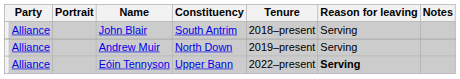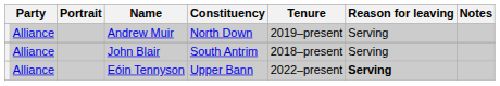 <table class="wikitable sortable">
 <tr>
 <th colspan=2>Party</th>
 <th class="unsortable">Portrait</th>
 <th class="unsortable">Name</th>
 <th class="unsortable">Constituency</th>
 <th>Tenure</th>
 <th>Reason for leaving</th>
 <th class="unsortable">Notes</th>
 </tr>
 <tr style="background:#ccc;">
 <th style="background-color: "></th>
 <td><a href='#'>Alliance</a></td>
 <td></td>
-<td><a href='#'>John Blair</a></td>
-<td><a href='#'>South Antrim</a></td>
-<td>2018–present</td>
+<td><a href='#'>Andrew Muir</a></td>
+<td><a href='#'>North Down</a></td>
+<td>2019–present</td>
 <td>Serving</td>
 <td></td>
 </tr>
 <tr>
 </tr>
 <tr style="background:#ccc;">
 <th style="background-color: "></th>
 <td><a href='#'>Alliance</a></td>
 <td></td>
-<td><a href='#'>Andrew Muir</a></td>
-<td><a href='#'>North Down</a></td>
-<td>2019–present</td>
+<td><a href='#'>John Blair</a></td>
+<td><a href='#'>South Antrim</a></td>
+<td>2018–present</td>
 <td>Serving</td>
 <td></td>
 </tr>
 <tr style="background:#ccc;">
 <th style="background-color: "></th>
 <td><a href='#'>Alliance</a></td>
 <td></td>
 <td><a href='#'>Eóin Tennyson</a></td>
 <td><a href='#'>Upper Bann</a></td>
 <td>2022–present</td>
 <td><strong>Serving</strong></td>
 <td></td>
 </tr>
 </table>
